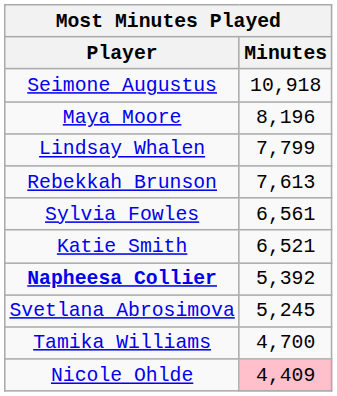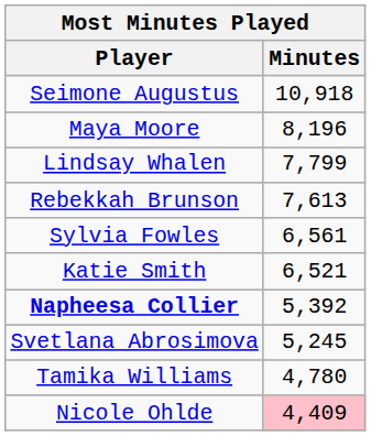 <table class="wikitable sortable" style="text-align:center">
 <tr>
 <th colspan="5">Most Minutes Played</th>
 </tr>
 <tr>
 <th>Player</th>
 <th>Minutes</th>
 </tr>
 <tr>
 <td><a href='#'>Seimone Augustus</a></td>
 <td>10,918</td>
 </tr>
 <tr>
 <td><a href='#'>Maya Moore</a></td>
 <td>8,196</td>
 </tr>
 <tr>
 <td><a href='#'>Lindsay Whalen</a></td>
 <td>7,799</td>
 </tr>
 <tr>
 <td><a href='#'>Rebekkah Brunson</a></td>
 <td>7,613</td>
 </tr>
 <tr>
 <td><a href='#'>Sylvia Fowles</a></td>
 <td>6,561</td>
 </tr>
 <tr>
 <td><a href='#'>Katie Smith</a></td>
 <td>6,521</td>
 </tr>
 <tr>
 <td><strong><a href='#'>Napheesa Collier</a></strong></td>
 <td>5,392</td>
 </tr>
 <tr>
 <td><a href='#'>Svetlana Abrosimova</a></td>
 <td>5,245</td>
 </tr>
 <tr>
 <td><a href='#'>Tamika Williams</a></td>
-<td>4,700</td>
+<td>4,780</td>
 </tr>
 <tr>
 <td><a href='#'>Nicole Ohlde</a></td>
 <td style="background: pink;">4,409</td>
 </tr>
 </table>
